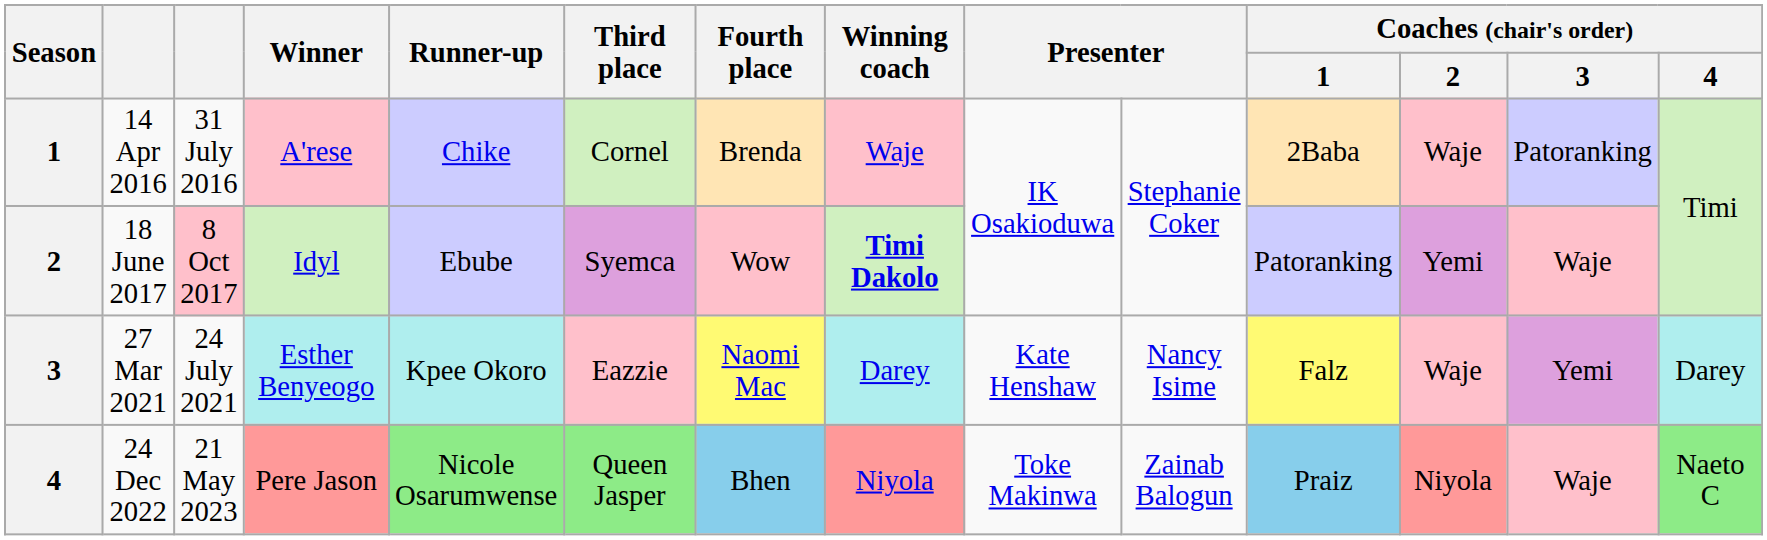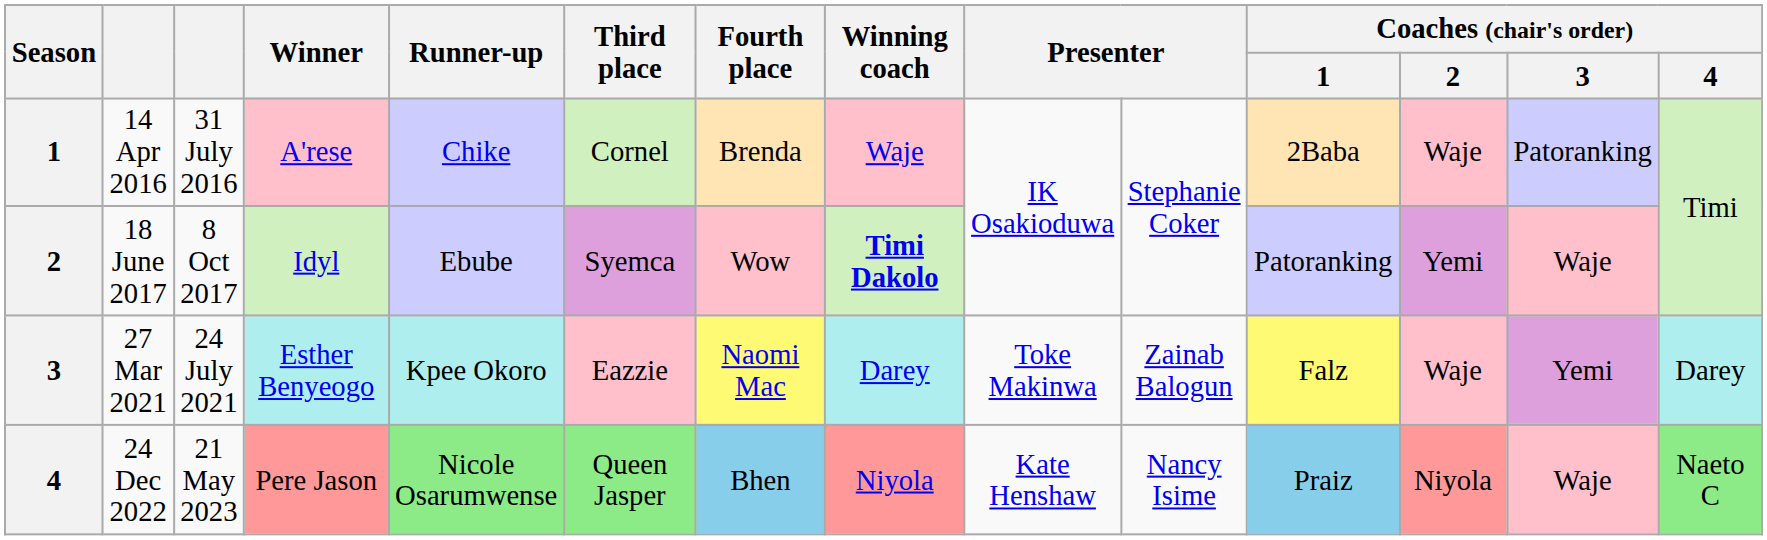 <table class="wikitable" style="text-align:center; font-size:90%; line-height:16px; width:100%">
 <tr>
 <th rowspan=2 scope="col" width="3%;">Season</th>
 <th rowspan=2 scope="col" width="4%;"></th>
 <th rowspan=2 scope="col" width="4%;"></th>
 <th rowspan=2 scope="col" width="09%;">Winner</th>
 <th rowspan=2 scope="col" width="09%;">Runner-up</th>
 <th rowspan=2 scope="col" width="09%;">Third place</th>
 <th rowspan=2 scope="col" width="09%;">Fourth place</th>
 <th rowspan=2 scope="col" width="09%;">Winning coach</th>
 <th rowspan=2 colspan="2" scope="col"width="14%">Presenter</th>
 <th colspan=4 scope="col" width="28%;">Coaches <small>(chair's order)</small></th>
 </tr>
 <tr>
 <th width="7%;">1</th>
 <th width="7%;">2</th>
 <th width="7%;">3</th>
 <th width="7%;">4</th>
 </tr>
 <tr>
 <th The Voice Nigeria(season 1)>1</th>
 <td>14 Apr 2016</td>
 <td>31 July 2016</td>
 <td style="background:pink"><a href='#'>A'rese</a></td>
 <td style="background:#ccf"><a href='#'>Chike</a></td>
 <td style="background:#d0f0c0">Cornel</td>
 <td style="background:#ffe5b4">Brenda</td>
 <td style="background:pink"><a href='#'>Waje</a></td>
 <td rowspan="2" width="7%"><a href='#'>IK Osakioduwa</a></td>
 <td rowspan="2" width="7%"><a href='#'>Stephanie Coker</a></td>
 <td style="background:#ffe5b4">2Baba</td>
 <td rowspan="1" style="background:pink">Waje</td>
 <td style="background:#ccf">Patoranking</td>
 <td rowspan=2 style="background:#d0f0c0">Timi</td>
 </tr>
 <tr>
 <th The Voice Nigeria(season 2)>2</th>
 <td>18 June 2017</td>
-<td style="background: pink;">8 Oct 2017</td>
+<td>8 Oct 2017</td>
 <td style="background:#d0f0c0"><a href='#'>Idyl</a></td>
 <td style="background:#ccf">Ebube</td>
 <td style="background:#dda0dd">Syemca</td>
 <td style="background:pink">Wow</td>
 <td style="background:#d0f0c0"><strong><a href='#'>Timi Dakolo</a></strong></td>
 <td style="background:#ccf">Patoranking</td>
 <td rowspan=1 style="background:#dda0dd">Yemi</td>
 <td rowspan="1" style="background:pink">Waje</td>
 </tr>
 <tr>
 <th>3</th>
 <td>27 Mar 2021</td>
 <td>24 July 2021</td>
 <td style="background:#afeeee"><a href='#'>Esther Benyeogo</a></td>
 <td rowspan=1 style="background:#afeeee">Kpee Okoro</td>
 <td rowspan=1 style="background:pink">Eazzie</td>
 <td style="background:#fffa73"><a href='#'>Naomi Mac</a></td>
 <td style="background:#afeeee"><a href='#'>Darey</a></td>
-<td><a href='#'>Kate Henshaw</a></td>
-<td><a href='#'>Nancy Isime</a></td>
+<td><a href='#'>Toke Makinwa</a></td>
+<td><a href='#'>Zainab Balogun</a></td>
 <td style="background:#fffa73">Falz</td>
 <td rowspan="1" style="background:pink">Waje</td>
 <td rowspan=1 style="background:#dda0dd">Yemi</td>
 <td style="background:#afeeee">Darey</td>
 </tr>
 <tr>
 <th>4</th>
 <td>24 Dec 2022</td>
 <td>21 May 2023</td>
 <td style="background:#ff9999">Pere Jason</td>
 <td style="background:#8deb87">Nicole Osarumwense</td>
 <td style="background:#8deb87">Queen Jasper</td>
 <td style="background:#87ceeb">Bhen</td>
 <td style="background:#ff9999"><a href='#'>Niyola</a></td>
-<td><a href='#'>Toke Makinwa</a></td>
-<td><a href='#'>Zainab Balogun</a></td>
+<td><a href='#'>Kate Henshaw</a></td>
+<td><a href='#'>Nancy Isime</a></td>
 <td style="background:#87ceeb">Praiz</td>
 <td style="background:#ff9999">Niyola</td>
 <td rowspan="1" style="background:pink">Waje</td>
 <td style="background:#8deb87">Naeto C</td>
 </tr>
 </table>
